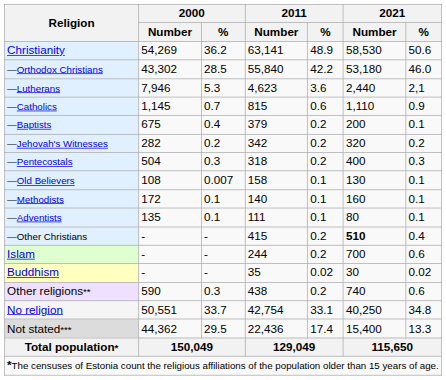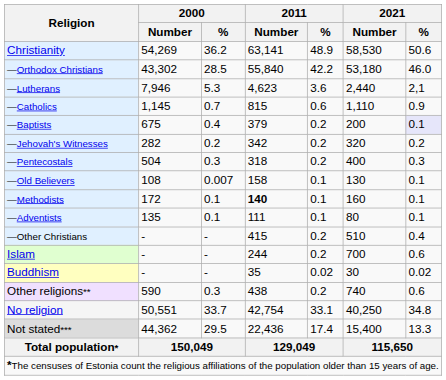 <table class="wikitable">
 <tr>
 <th rowspan="2">Religion</th>
 <th style="text-align:center;" colspan="2">2000</th>
 <th style="text-align:center;" colspan="2">2011</th>
 <th style="text-align:center;" colspan="2">2021</th>
 </tr>
 <tr>
 <th>Number</th>
 <th>%</th>
 <th>Number</th>
 <th>%</th>
 <th>Number</th>
 <th>%</th>
 </tr>
 <tr>
 <td style="background:#E0F0FF;"><a href='#'>Christianity</a></td>
 <td>54,269</td>
 <td>36.2</td>
 <td>63,141</td>
 <td>48.9</td>
 <td>58,530</td>
 <td>50.6</td>
 </tr>
 <tr>
 <td style="background:#E0F0FF;"><small>—<a href='#'>Orthodox Christians</a></small></td>
 <td>43,302</td>
 <td>28.5</td>
 <td>55,840</td>
 <td>42.2</td>
 <td>53,180</td>
 <td>46.0</td>
 </tr>
 <tr>
 <td style="background:#E0F0FF;"><small>—<a href='#'>Lutherans</a></small></td>
 <td>7,946</td>
 <td>5.3</td>
 <td>4,623</td>
 <td>3.6</td>
 <td>2,440</td>
 <td>2,1</td>
 </tr>
 <tr>
 <td style="background:#E0F0FF;"><small>—<a href='#'>Catholics</a></small></td>
 <td>1,145</td>
 <td>0.7</td>
 <td>815</td>
 <td>0.6</td>
 <td>1,110</td>
 <td>0.9</td>
 </tr>
 <tr>
 <td style="background:#E0F0FF;"><small>—<a href='#'>Baptists</a></small></td>
 <td>675</td>
 <td>0.4</td>
 <td>379</td>
 <td>0.2</td>
 <td>200</td>
-<td>0.1</td>
+<td style="background: lavender;">0.1</td>
 </tr>
 <tr>
 <td style="background:#E0F0FF;"><small>—<a href='#'>Jehovah's Witnesses</a></small></td>
 <td>282</td>
 <td>0.2</td>
 <td>342</td>
 <td>0.2</td>
 <td>320</td>
 <td>0.2</td>
 </tr>
 <tr>
 <td style="background:#E0F0FF;"><small>—<a href='#'>Pentecostals</a></small></td>
 <td>504</td>
 <td>0.3</td>
 <td>318</td>
 <td>0.2</td>
 <td>400</td>
 <td>0.3</td>
 </tr>
 <tr>
 <td style="background:#E0F0FF;"><small>—<a href='#'>Old Believers</a></small></td>
 <td>108</td>
 <td>0.007</td>
 <td>158</td>
 <td>0.1</td>
 <td>130</td>
 <td>0.1</td>
 </tr>
 <tr>
 <td style="background:#E0F0FF;"><small>—<a href='#'>Methodists</a></small></td>
 <td>172</td>
 <td>0.1</td>
-<td>140</td>
+<td><strong>140</strong></td>
 <td>0.1</td>
 <td>160</td>
 <td>0.1</td>
 </tr>
 <tr>
 <td style="background:#E0F0FF;"><small>—<a href='#'>Adventists</a></small></td>
 <td>135</td>
 <td>0.1</td>
 <td>111</td>
 <td>0.1</td>
 <td>80</td>
 <td>0.1</td>
 </tr>
 <tr>
 <td style="background:#E0F0FF;"><small>—Other Christians</small></td>
 <td>-</td>
 <td>-</td>
 <td>415</td>
 <td>0.2</td>
-<td><strong>510</strong></td>
+<td>510</td>
 <td>0.4</td>
 </tr>
 <tr>
 <td style="background:#E0FFD0;"><a href='#'>Islam</a></td>
 <td>-</td>
 <td>-</td>
 <td>244</td>
 <td>0.2</td>
 <td>700</td>
 <td>0.6</td>
 </tr>
 <tr>
 <td style="background:#FFFFC0;"><a href='#'>Buddhism</a></td>
 <td>-</td>
 <td>-</td>
 <td>35</td>
 <td>0.02</td>
 <td>30</td>
 <td>0.02</td>
 </tr>
 <tr>
 <td style="background:#F0E0FF;">Other religions<small>**</small></td>
 <td>590</td>
 <td>0.3</td>
 <td>438</td>
 <td>0.2</td>
 <td>740</td>
 <td>0.6</td>
 </tr>
 <tr>
 <td style="background:#F5F5F5;"><a href='#'>No religion</a></td>
 <td>50,551</td>
 <td>33.7</td>
 <td>42,754</td>
 <td>33.1</td>
 <td>40,250</td>
 <td>34.8</td>
 </tr>
 <tr>
 <td style="background:#DCDCDC;">Not stated<small>***</small></td>
 <td>44,362</td>
 <td>29.5</td>
 <td>22,436</td>
 <td>17.4</td>
 <td>15,400</td>
 <td>13.3</td>
 </tr>
 <tr>
 <th>Total population<small>*</small></th>
 <th colspan="2">150,049</th>
 <th colspan="2">129,049</th>
 <th colspan="2">115,650</th>
 </tr>
 <tr>
 <td colspan="7"><strong>*</strong><small>The censuses of Estonia count the religious affiliations of the population older than 15 years of age.</small></td>
 </tr>
 </table>
